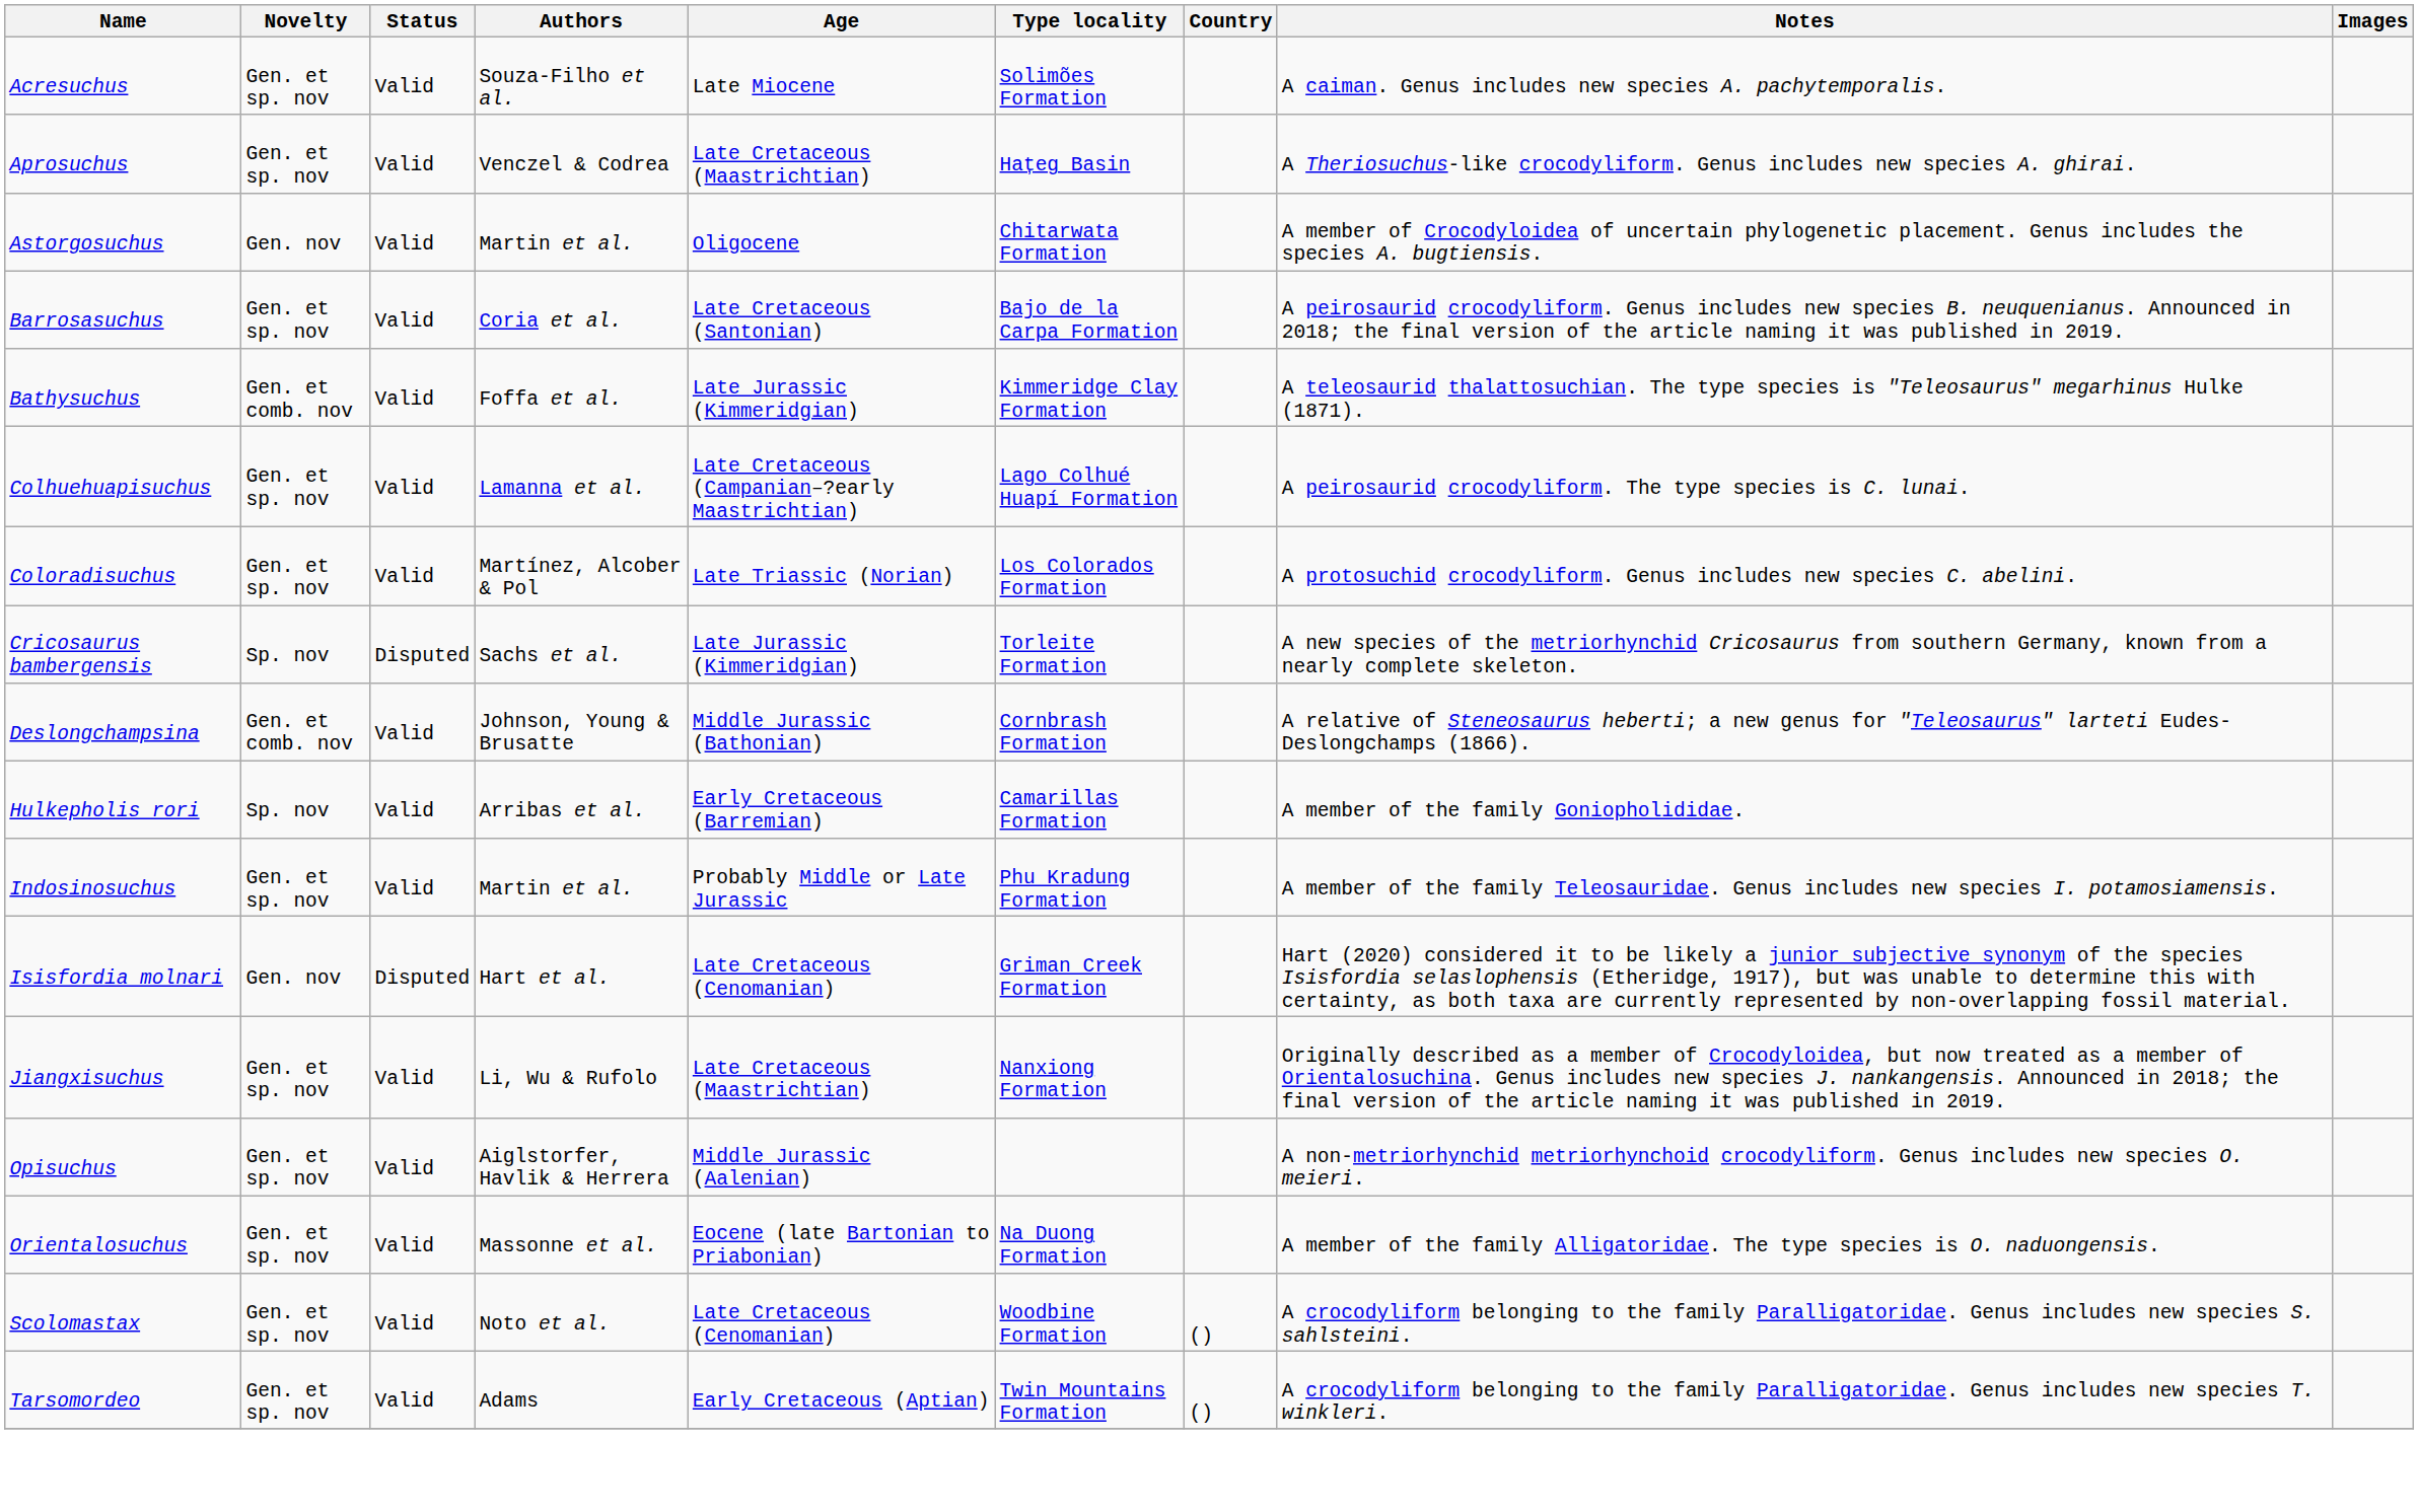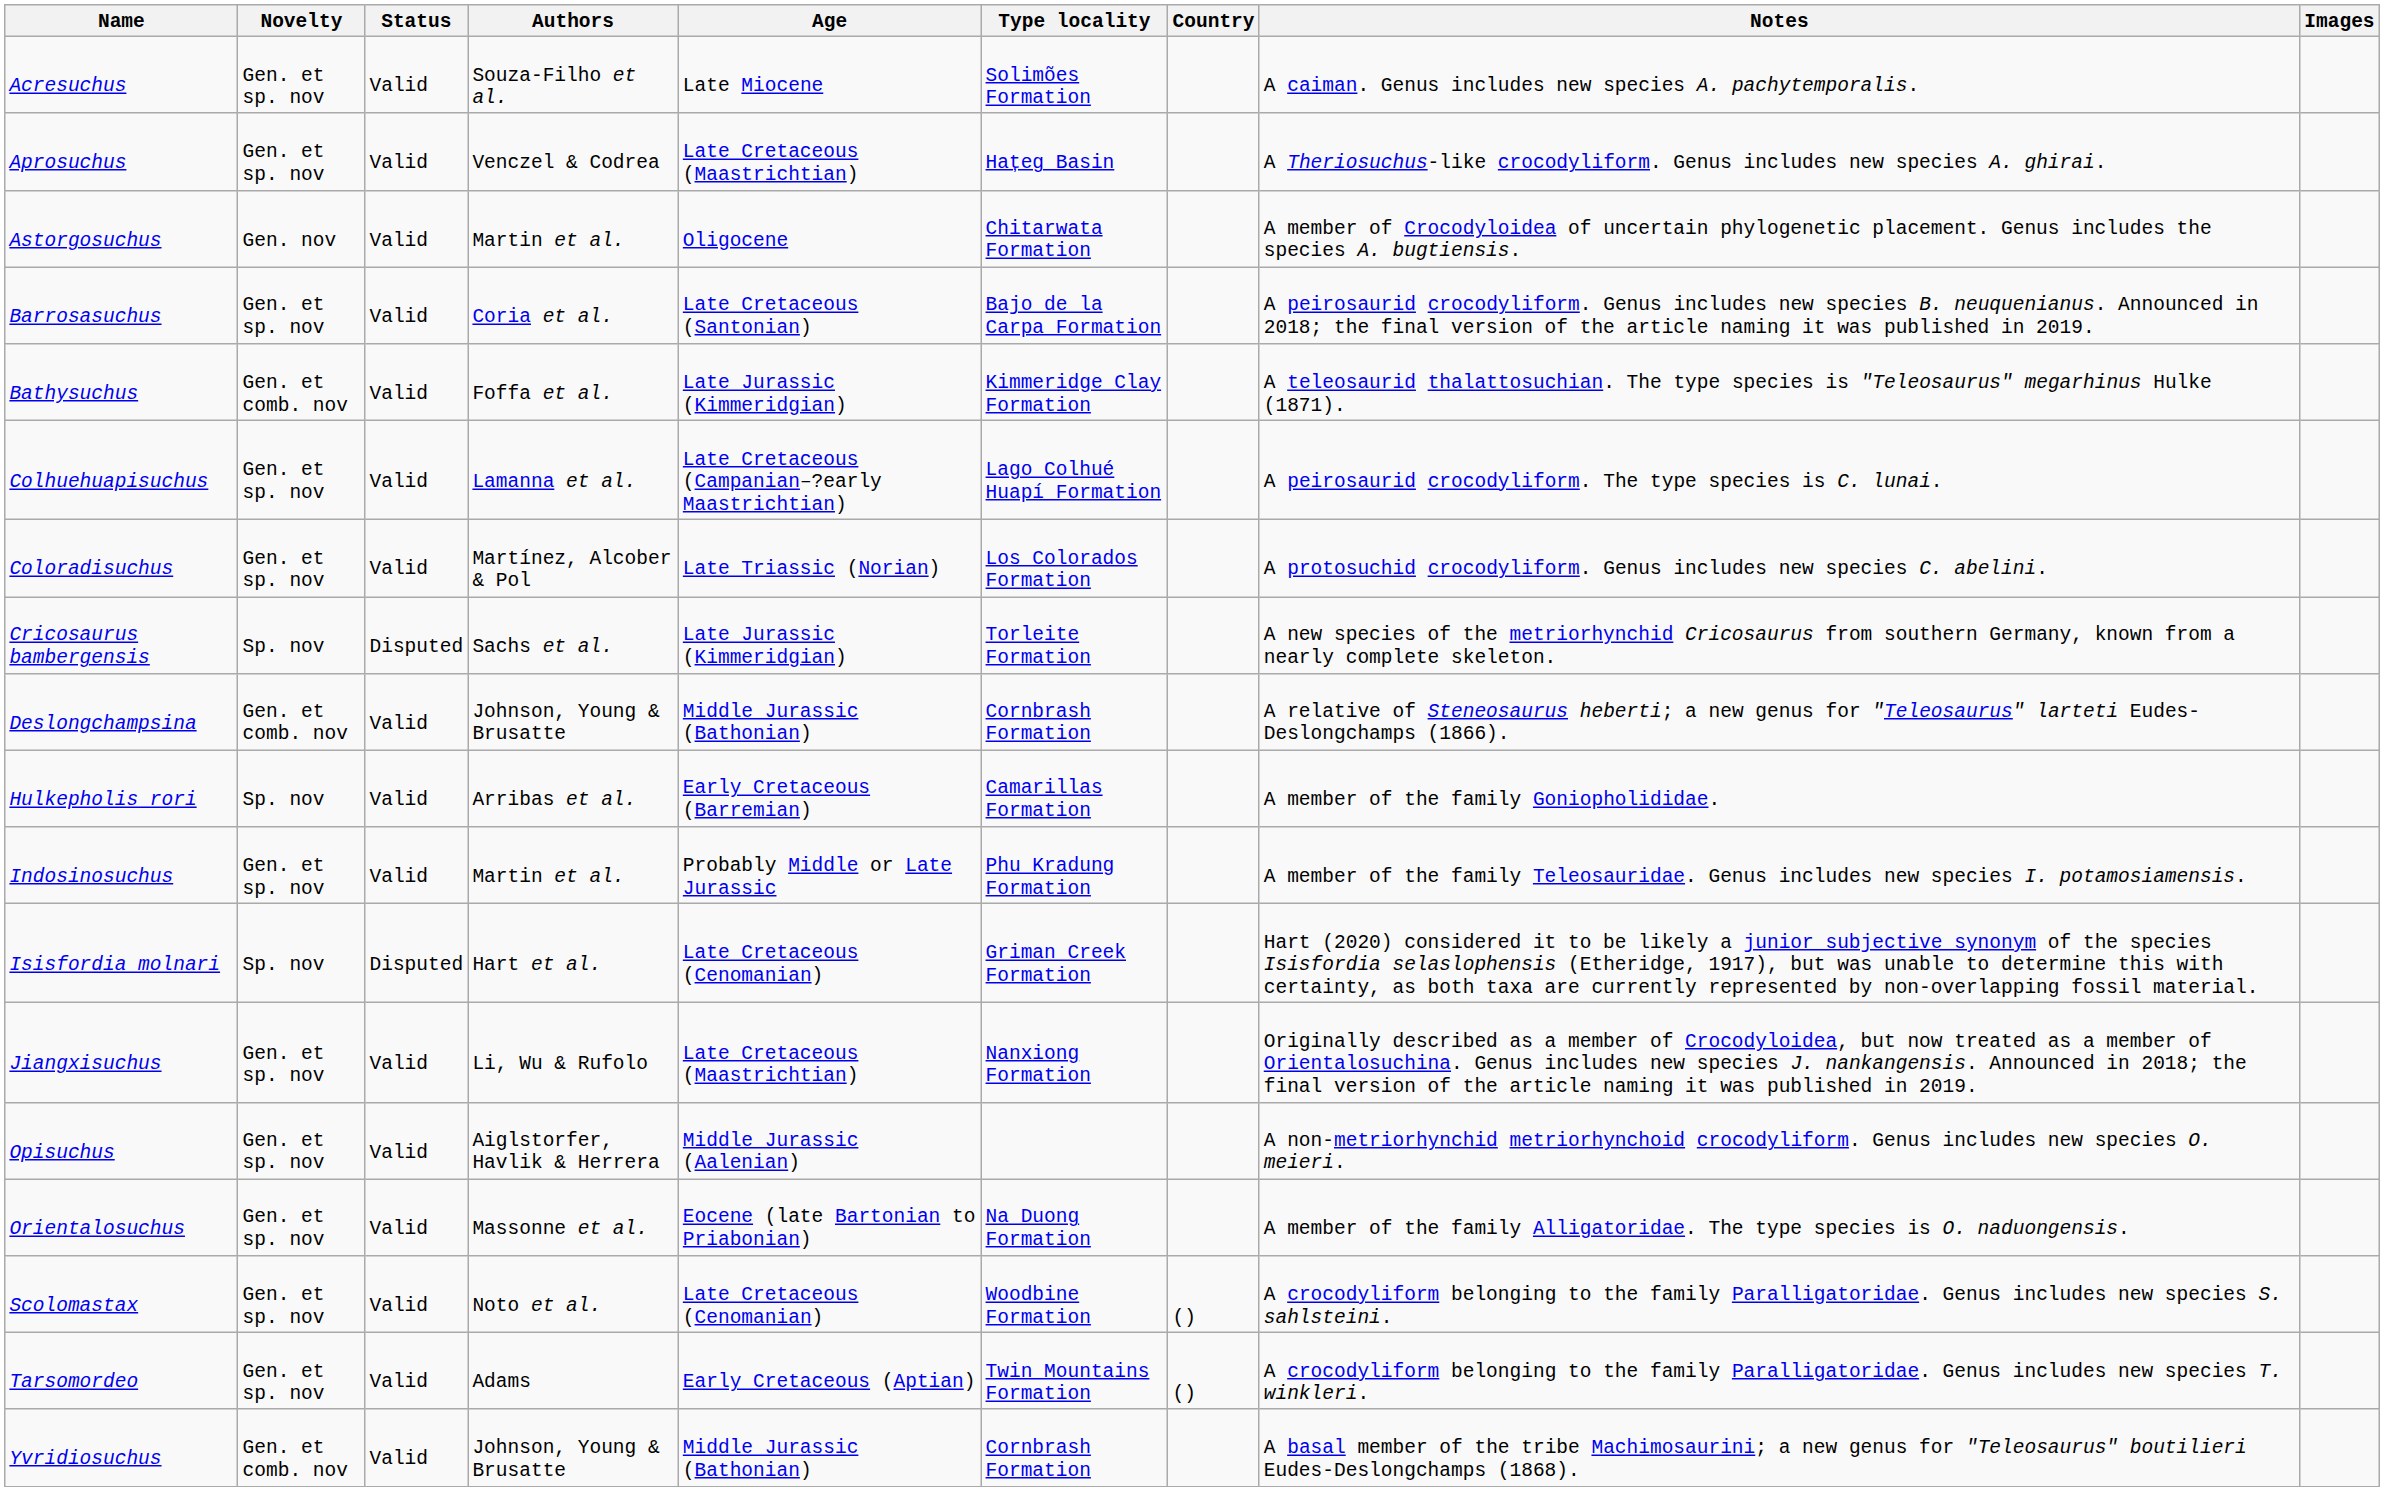 <table class="wikitable sortable" align="center" width="100%">
 <tr>
 <th>Name</th>
 <th>Novelty</th>
 <th>Status</th>
 <th>Authors</th>
 <th>Age</th>
 <th>Type locality</th>
 <th>Country</th>
 <th>Notes</th>
 <th>Images</th>
 </tr>
 <tr>
 <td><br><em><a href='#'>Acresuchus</a></em></td>
 <td><br>Gen. et sp. nov</td>
 <td><br>Valid</td>
 <td><br>Souza-Filho <em>et al.</em></td>
 <td><br>Late <a href='#'>Miocene</a></td>
 <td><br><a href='#'>Solimões Formation</a></td>
 <td><br></td>
 <td><br>A <a href='#'>caiman</a>. Genus includes new species <em>A. pachytemporalis</em>.</td>
 <td></td>
 </tr>
 <tr>
 <td><br><em><a href='#'>Aprosuchus</a></em></td>
 <td><br>Gen. et sp. nov</td>
 <td><br>Valid</td>
 <td><br>Venczel & Codrea</td>
 <td><br><a href='#'>Late Cretaceous</a> (<a href='#'>Maastrichtian</a>)</td>
 <td><br><a href='#'>Hațeg Basin</a></td>
 <td><br></td>
 <td><br>A <em><a href='#'>Theriosuchus</a></em>-like <a href='#'>crocodyliform</a>. Genus includes new species <em>A. ghirai</em>.</td>
 <td></td>
 </tr>
 <tr>
 <td><br><em><a href='#'>Astorgosuchus</a></em></td>
 <td><br>Gen. nov</td>
 <td><br>Valid</td>
 <td><br>Martin <em>et al.</em></td>
 <td><br><a href='#'>Oligocene</a></td>
 <td><br><a href='#'>Chitarwata Formation</a></td>
 <td><br></td>
 <td><br>A member of <a href='#'>Crocodyloidea</a> of uncertain phylogenetic placement. Genus includes the species <em>A. bugtiensis</em>.</td>
 <td></td>
 </tr>
 <tr>
 <td><br><em><a href='#'>Barrosasuchus</a></em></td>
 <td><br>Gen. et sp. nov</td>
 <td><br>Valid</td>
 <td><br><a href='#'>Coria</a> <em>et al.</em></td>
 <td><br><a href='#'>Late Cretaceous</a> (<a href='#'>Santonian</a>)</td>
 <td><br><a href='#'>Bajo de la Carpa Formation</a></td>
 <td><br></td>
 <td><br>A <a href='#'>peirosaurid</a> <a href='#'>crocodyliform</a>. Genus includes new species <em>B. neuquenianus</em>. Announced in 2018; the final version of the article naming it was published in 2019.</td>
 <td></td>
 </tr>
 <tr>
 <td><br><em><a href='#'>Bathysuchus</a></em></td>
 <td><br>Gen. et comb. nov</td>
 <td><br>Valid</td>
 <td><br>Foffa <em>et al.</em></td>
 <td><br><a href='#'>Late Jurassic</a> (<a href='#'>Kimmeridgian</a>)</td>
 <td><br><a href='#'>Kimmeridge Clay Formation</a></td>
 <td><br><br> </td>
 <td><br>A <a href='#'>teleosaurid</a> <a href='#'>thalattosuchian</a>. The type species is <em>"Teleosaurus" megarhinus</em> Hulke (1871).</td>
 <td></td>
 </tr>
 <tr>
 <td><br><em><a href='#'>Colhuehuapisuchus</a></em></td>
 <td><br>Gen. et sp. nov</td>
 <td><br>Valid</td>
 <td><br><a href='#'>Lamanna</a> <em>et al.</em></td>
 <td><br><a href='#'>Late Cretaceous</a> (<a href='#'>Campanian</a>–?early <a href='#'>Maastrichtian</a>)</td>
 <td><br><a href='#'>Lago Colhué Huapí Formation</a></td>
 <td><br></td>
 <td><br>A <a href='#'>peirosaurid</a> <a href='#'>crocodyliform</a>. The type species is <em>C. lunai</em>.</td>
 <td></td>
 </tr>
 <tr>
 <td><br><em><a href='#'>Coloradisuchus</a></em></td>
 <td><br>Gen. et sp. nov</td>
 <td><br>Valid</td>
 <td><br>Martínez, Alcober & Pol</td>
 <td><br><a href='#'>Late Triassic</a> (<a href='#'>Norian</a>)</td>
 <td><br><a href='#'>Los Colorados Formation</a></td>
 <td><br></td>
 <td><br>A <a href='#'>protosuchid</a> <a href='#'>crocodyliform</a>. Genus includes new species <em>C. abelini</em>.</td>
 <td></td>
 </tr>
 <tr>
 <td><br><em><a href='#'>Cricosaurus bambergensis</a></em></td>
 <td><br>Sp. nov</td>
 <td><br>Disputed</td>
 <td><br>Sachs <em>et al.</em></td>
 <td><br><a href='#'>Late Jurassic</a> (<a href='#'>Kimmeridgian</a>)</td>
 <td><br><a href='#'>Torleite Formation</a></td>
 <td><br></td>
 <td><br>A new species of the <a href='#'>metriorhynchid</a> <em>Cricosaurus</em> from southern Germany, known from a nearly complete skeleton.</td>
 <td></td>
 </tr>
 <tr>
 <td><br><em><a href='#'>Deslongchampsina</a></em></td>
 <td><br>Gen. et comb. nov</td>
 <td><br>Valid</td>
 <td><br>Johnson, Young & Brusatte</td>
 <td><br><a href='#'>Middle Jurassic</a> (<a href='#'>Bathonian</a>)</td>
 <td><br><a href='#'>Cornbrash Formation</a></td>
 <td><br></td>
 <td><br>A relative of <em><a href='#'>Steneosaurus</a> heberti</em>; a new genus for <em>"<a href='#'>Teleosaurus</a>" larteti</em> Eudes-Deslongchamps (1866).</td>
 <td></td>
 </tr>
 <tr>
 <td><br><em><a href='#'>Hulkepholis rori</a></em></td>
 <td><br>Sp. nov</td>
 <td><br>Valid</td>
 <td><br>Arribas <em>et al.</em></td>
 <td><br><a href='#'>Early Cretaceous</a> (<a href='#'>Barremian</a>)</td>
 <td><br><a href='#'>Camarillas Formation</a></td>
 <td><br></td>
 <td><br>A member of the family <a href='#'>Goniopholididae</a>.</td>
 <td></td>
 </tr>
 <tr>
 <td><br><em><a href='#'>Indosinosuchus</a></em></td>
 <td><br>Gen. et sp. nov</td>
 <td><br>Valid</td>
 <td><br>Martin <em>et al.</em></td>
 <td><br>Probably <a href='#'>Middle</a> or <a href='#'>Late Jurassic</a></td>
 <td><br><a href='#'>Phu Kradung Formation</a></td>
 <td><br></td>
 <td><br>A member of the family <a href='#'>Teleosauridae</a>. Genus includes new species <em>I. potamosiamensis</em>.</td>
 <td></td>
 </tr>
 <tr>
 <td><br><em><a href='#'>Isisfordia molnari</a></em></td>
-<td><br>Gen. nov</td>
+<td><br>Sp. nov</td>
 <td><br>Disputed</td>
 <td><br>Hart <em>et al.</em></td>
 <td><br><a href='#'>Late Cretaceous</a> (<a href='#'>Cenomanian</a>)</td>
 <td><br><a href='#'>Griman Creek Formation</a></td>
 <td><br></td>
 <td><br>Hart (2020) considered it to be likely a <a href='#'>junior subjective synonym</a> of the species <em>Isisfordia selaslophensis</em> (Etheridge, 1917), but was unable to determine this with certainty, as both taxa are currently represented by non-overlapping fossil material.</td>
 <td></td>
 </tr>
 <tr>
 <td><br><em><a href='#'>Jiangxisuchus</a></em></td>
 <td><br>Gen. et sp. nov</td>
 <td><br>Valid</td>
 <td><br>Li, Wu & Rufolo</td>
 <td><br><a href='#'>Late Cretaceous</a> (<a href='#'>Maastrichtian</a>)</td>
 <td><br><a href='#'>Nanxiong Formation</a></td>
 <td><br></td>
 <td><br>Originally described as a member of <a href='#'>Crocodyloidea</a>, but now treated as a member of <a href='#'>Orientalosuchina</a>. Genus includes new species <em>J. nankangensis</em>. Announced in 2018; the final version of the article naming it was published in 2019.</td>
 <td><br></td>
 </tr>
 <tr>
 <td><br><em><a href='#'>Opisuchus</a></em></td>
 <td><br>Gen. et sp. nov</td>
 <td><br>Valid</td>
 <td><br>Aiglstorfer, Havlik & Herrera</td>
 <td><br><a href='#'>Middle Jurassic</a> (<a href='#'>Aalenian</a>)</td>
 <td></td>
 <td><br></td>
 <td><br>A non-<a href='#'>metriorhynchid</a> <a href='#'>metriorhynchoid</a> <a href='#'>crocodyliform</a>. Genus includes new species <em>O. meieri</em>.</td>
 <td></td>
 </tr>
 <tr>
 <td><br><em><a href='#'>Orientalosuchus</a></em></td>
 <td><br>Gen. et sp. nov</td>
 <td><br>Valid</td>
 <td><br>Massonne <em>et al.</em></td>
 <td><br><a href='#'>Eocene</a> (late <a href='#'>Bartonian</a> to <a href='#'>Priabonian</a>)</td>
 <td><br><a href='#'>Na Duong Formation</a></td>
 <td><br></td>
 <td><br>A member of the family <a href='#'>Alligatoridae</a>. The type species is <em>O. naduongensis</em>.</td>
 <td></td>
 </tr>
 <tr>
 <td><br><em><a href='#'>Scolomastax</a></em></td>
 <td><br>Gen. et sp. nov</td>
 <td><br>Valid</td>
 <td><br>Noto <em>et al.</em></td>
 <td><br><a href='#'>Late Cretaceous</a> (<a href='#'>Cenomanian</a>)</td>
 <td><br><a href='#'>Woodbine Formation</a></td>
 <td><br><br>()</td>
 <td><br>A <a href='#'>crocodyliform</a> belonging to the family <a href='#'>Paralligatoridae</a>. Genus includes new species <em>S. sahlsteini</em>.</td>
 <td></td>
 </tr>
 <tr>
 <td><br><em><a href='#'>Tarsomordeo</a></em></td>
 <td><br>Gen. et sp. nov</td>
 <td><br>Valid</td>
 <td><br>Adams</td>
 <td><br><a href='#'>Early Cretaceous</a> (<a href='#'>Aptian</a>)</td>
 <td><br><a href='#'>Twin Mountains Formation</a></td>
 <td><br><br>()</td>
 <td><br>A <a href='#'>crocodyliform</a> belonging to the family <a href='#'>Paralligatoridae</a>. Genus includes new species <em>T. winkleri</em>.</td>
 <td></td>
 </tr>
 <tr>
+<td><br><em><a href='#'>Yvridiosuchus</a></em></td>
+<td><br>Gen. et comb. nov</td>
+<td><br>Valid</td>
+<td><br>Johnson, Young & Brusatte</td>
+<td><br><a href='#'>Middle Jurassic</a> (<a href='#'>Bathonian</a>)</td>
+<td><br><a href='#'>Cornbrash Formation</a></td>
+<td><br></td>
+<td><br>A <a href='#'>basal</a> member of the tribe <a href='#'>Machimosaurini</a>; a new genus for <em>"Teleosaurus" boutilieri</em> Eudes-Deslongchamps (1868).</td>
+<td></td>
+</tr>
+<tr>
 </tr>
 </table>
